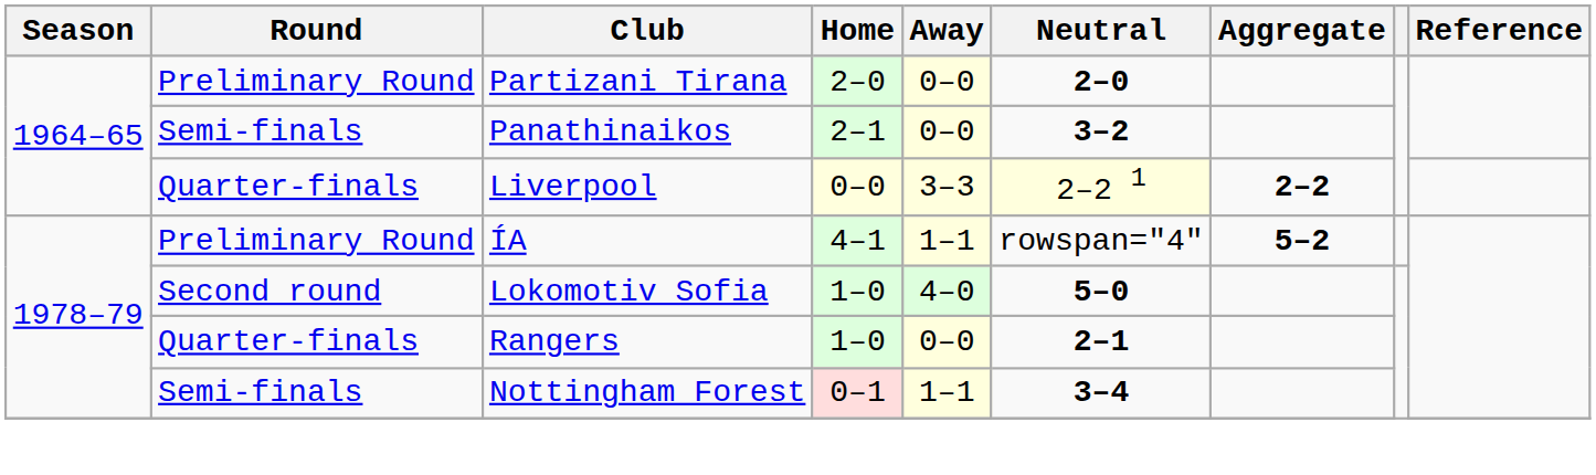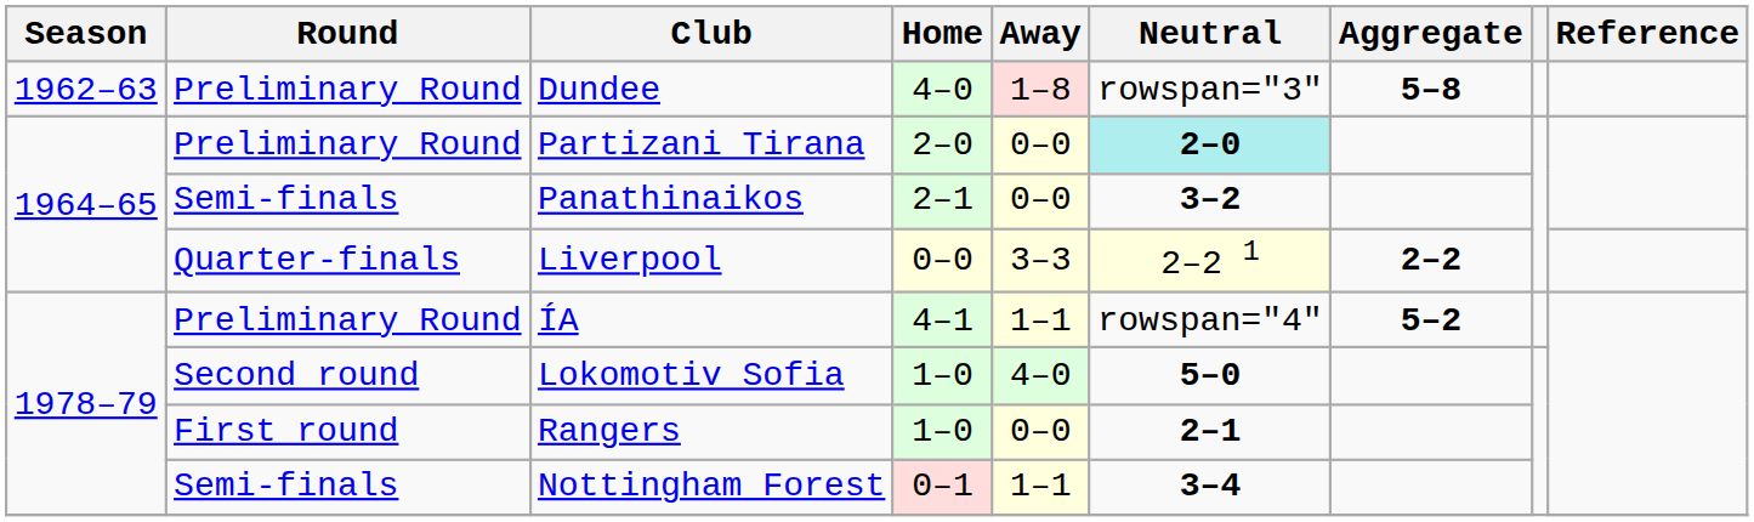 <table class="wikitable" style="text-align:left">
 <tr>
 <th>Season</th>
 <th>Round</th>
 <th>Club</th>
 <th>Home</th>
 <th>Away</th>
 <th>Neutral</th>
 <th>Aggregate</th>
 <th></th>
 <th>Reference</th>
 </tr>
 <tr>
+<td><a href='#'>1962–63</a></td>
+<td><a href='#'>Preliminary Round</a></td>
+<td> <a href='#'>Dundee</a></td>
+<td style="text-align:center; background:#dfd;">4–0</td>
+<td style="text-align:center; background:#fdd;">1–8</td>
+<td>rowspan="3" </td>
+<td style="text-align:center;"><strong>5–8</strong></td>
+<td></td>
+<td style="text-align:center;"></td>
+</tr>
+<tr>
 <td rowspan="3"><a href='#'>1964–65</a></td>
 <td><a href='#'>Preliminary Round</a></td>
 <td> <a href='#'>Partizani Tirana</a></td>
 <td style="text-align:center; background:#dfd;">2–0</td>
 <td style="text-align:center; background:#ffd;">0–0</td>
-<td style="text-align:center;"><strong>2–0</strong></td>
+<td style="background: paleturquoise; text-align:center;"><strong>2–0</strong></td>
 <td></td>
 <td rowspan="3" style="text-align:center;"></td>
 </tr>
 <tr>
 <td><a href='#'>Semi-finals</a></td>
 <td> <a href='#'>Panathinaikos</a></td>
 <td style="text-align:center; background:#dfd;">2–1</td>
 <td style="text-align:center; background:#ffd;">0–0</td>
 <td style="text-align:center;"><strong>3–2</strong></td>
 <td></td>
 </tr>
 <tr>
 <td><a href='#'>Quarter-finals</a></td>
 <td> <a href='#'>Liverpool</a></td>
 <td style="text-align:center; background:#ffd;">0–0</td>
 <td style="text-align:center; background:#ffd;">3–3</td>
 <td style="text-align:center; background:#ffd;">2–2 <sup>1</sup></td>
 <td style="text-align:center;"><strong>2–2</strong></td>
 <td></td>
 </tr>
 <tr>
 <td rowspan="4"><a href='#'>1978–79</a></td>
 <td><a href='#'>Preliminary Round</a></td>
 <td> <a href='#'>ÍA</a></td>
 <td style="text-align:center; background:#dfd;">4–1</td>
 <td style="text-align:center; background:#ffd;">1–1</td>
 <td>rowspan="4" </td>
 <td style="text-align:center;"><strong>5–2</strong></td>
 <td></td>
 <td rowspan="4" style="text-align:center;"></td>
 </tr>
 <tr>
 <td><a href='#'>Second round</a></td>
 <td> <a href='#'>Lokomotiv Sofia</a></td>
 <td style="text-align:center; background:#dfd;">1–0</td>
 <td style="text-align:center; background:#dfd;">4–0</td>
 <td style="text-align:center;"><strong>5–0</strong></td>
 <td></td>
 </tr>
 <tr>
-<td><a href='#'>Quarter-finals</a></td>
+<td><a href='#'>First round</a></td>
 <td> <a href='#'>Rangers</a></td>
 <td style="text-align:center; background:#dfd;">1–0</td>
 <td style="text-align:center; background:#ffd;">0–0</td>
 <td style="text-align:center;"><strong>2–1</strong></td>
 <td></td>
 </tr>
 <tr>
 <td><a href='#'>Semi-finals</a></td>
 <td> <a href='#'>Nottingham Forest</a></td>
 <td style="text-align:center; background:#fdd;">0–1</td>
 <td style="text-align:center; background:#ffd;">1–1</td>
 <td style="text-align:center;"><strong>3–4</strong></td>
 <td></td>
 </tr>
 <tr>
 </tr>
 </table>
